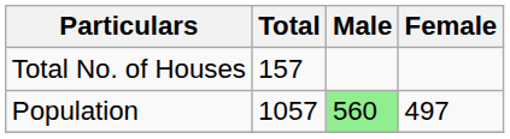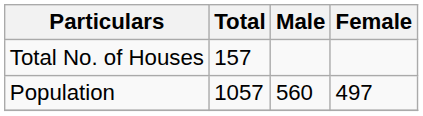 <table class="wikitable sortable">
 <tr>
 <th>Particulars</th>
 <th>Total</th>
 <th>Male</th>
 <th>Female</th>
 </tr>
 <tr>
 <td>Total No. of Houses</td>
 <td>157</td>
 <td></td>
 <td></td>
 </tr>
 <tr>
 <td>Population</td>
 <td>1057</td>
-<td style="background: lightgreen;">560</td>
+<td>560</td>
 <td>497</td>
 </tr>
 <tr>
 </tr>
 </table>
